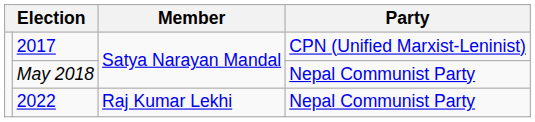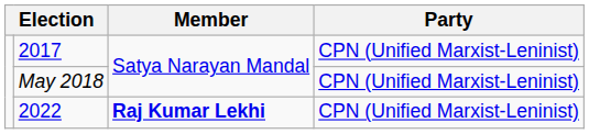 <table class="wikitable">
 <tr>
 <th colspan="2">Election</th>
 <th>Member</th>
 <th>Party</th>
 </tr>
 <tr>
 <td rowspan="3" style="background-color:"></td>
 <td><a href='#'>2017</a></td>
 <td rowspan="2"><a href='#'>Satya Narayan Mandal</a></td>
 <td><a href='#'>CPN (Unified Marxist-Leninist)</a></td>
 </tr>
 <tr>
 <td><em>May 2018</em></td>
-<td><a href='#'>Nepal Communist Party</a></td>
+<td><a href='#'>CPN (Unified Marxist-Leninist)</a></td>
 </tr>
 <tr>
 <td><a href='#'>2022</a></td>
-<td><a href='#'>Raj Kumar Lekhi</a></td>
-<td><a href='#'>Nepal Communist Party</a></td>
+<td><strong><a href='#'>Raj Kumar Lekhi</a></strong></td>
+<td><a href='#'>CPN (Unified Marxist-Leninist)</a></td>
 </tr>
 </table>
